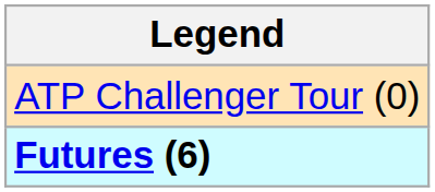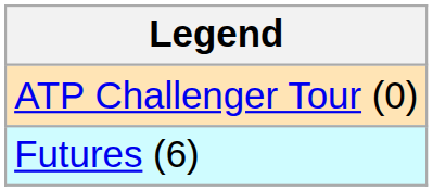 <table class="wikitable">
 <tr>
 <th>Legend</th>
 </tr>
 <tr bgcolor="moccasin">
 <td><a href='#'>ATP Challenger Tour</a> (0)</td>
 </tr>
 <tr bgcolor=CFFCFF>
-<td><strong><a href='#'>Futures</a> (6)</strong></td>
+<td><a href='#'>Futures</a> (6)</td>
 </tr>
 </table>
